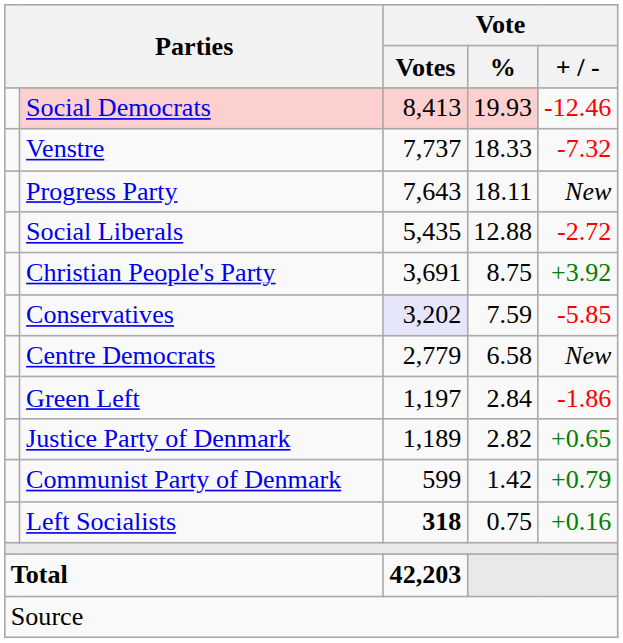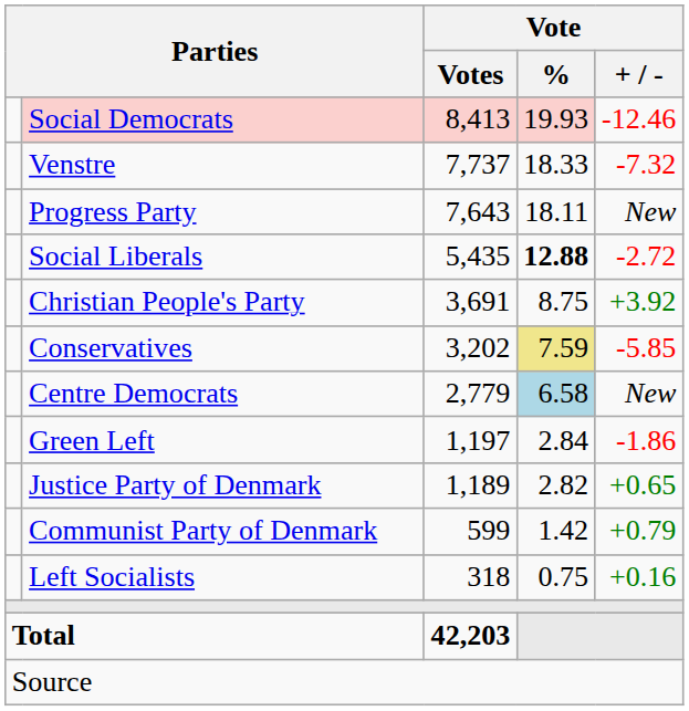 <table class="wikitable" style="text-align:right;">
 <tr>
 <th style="text-align:centre;" rowspan="2" colspan="2" width="225">Parties</th>
 <th colspan="3">Vote</th>
 </tr>
 <tr>
 <th width="15">Votes</th>
 <th width="15">%</th>
 <th width="15">+ / -</th>
 </tr>
 <tr>
 <td width="2" style="color:inherit;background:"></td>
 <td bgcolor=#fbd0ce  align="left"><a href='#'>Social Democrats</a></td>
 <td bgcolor=#fbd0ce>8,413</td>
 <td bgcolor=#fbd0ce>19.93</td>
 <td style=color:red;>-12.46</td>
 </tr>
 <tr>
 <td width="2" style="color:inherit;background:"></td>
 <td align="left"><a href='#'>Venstre</a></td>
 <td>7,737</td>
 <td>18.33</td>
 <td style=color:red;>-7.32</td>
 </tr>
 <tr>
 <td width="2" style="color:inherit;background:"></td>
 <td align="left"><a href='#'>Progress Party</a></td>
 <td>7,643</td>
 <td>18.11</td>
 <td><em>New</em></td>
 </tr>
 <tr>
 <td width="2" style="color:inherit;background:"></td>
 <td align="left"><a href='#'>Social Liberals</a></td>
 <td>5,435</td>
-<td>12.88</td>
+<td><strong>12.88</strong></td>
 <td style=color:red;>-2.72</td>
 </tr>
 <tr>
 <td width="2" style="color:inherit;background:"></td>
 <td align="left"><a href='#'>Christian People's Party</a></td>
 <td>3,691</td>
 <td>8.75</td>
 <td style=color:green;>+3.92</td>
 </tr>
 <tr>
 <td width="2" style="color:inherit;background:"></td>
 <td align="left"><a href='#'>Conservatives</a></td>
-<td style="background: lavender;">3,202</td>
-<td>7.59</td>
+<td>3,202</td>
+<td style="background: khaki;">7.59</td>
 <td style=color:red;>-5.85</td>
 </tr>
 <tr>
 <td width="2" style="color:inherit;background:"></td>
 <td align="left"><a href='#'>Centre Democrats</a></td>
 <td>2,779</td>
-<td>6.58</td>
+<td style="background: lightblue;">6.58</td>
 <td><em>New</em></td>
 </tr>
 <tr>
 <td width="2" style="color:inherit;background:"></td>
 <td align="left"><a href='#'>Green Left</a></td>
 <td>1,197</td>
 <td>2.84</td>
 <td style=color:red;>-1.86</td>
 </tr>
 <tr>
 <td width="2" style="color:inherit;background:"></td>
 <td align="left"><a href='#'>Justice Party of Denmark</a></td>
 <td>1,189</td>
 <td>2.82</td>
 <td style=color:green;>+0.65</td>
 </tr>
 <tr>
 <td width="2" style="color:inherit;background:"></td>
 <td align="left"><a href='#'>Communist Party of Denmark</a></td>
 <td>599</td>
 <td>1.42</td>
 <td style=color:green;>+0.79</td>
 </tr>
 <tr>
 <td width="2" style="color:inherit;background:"></td>
 <td align="left"><a href='#'>Left Socialists</a></td>
-<td><strong>318</strong></td>
+<td>318</td>
 <td>0.75</td>
 <td style=color:green;>+0.16</td>
 </tr>
 <tr>
 <td colspan="7" bgcolor="#E9E9E9"></td>
 </tr>
 <tr>
 <td align="left" colspan="2"><strong>Total</strong></td>
 <td><strong>42,203</strong></td>
 <td bgcolor="#E9E9E9" colspan="2"></td>
 </tr>
 <tr>
 <td align="left" colspan="6">Source</td>
 </tr>
 </table>
